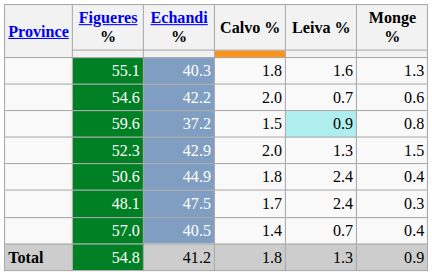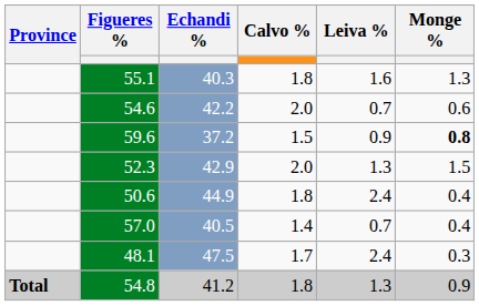 <table class="wikitable sortable" style="text-align:right; font-size:95%">
 <tr>
 <th rowspan=2><a href='#'>Province</a></th>
 <th width=60px><a href='#'>Figueres</a> %</th>
 <th width=60px><a href='#'>Echandi</a> %</th>
 <th width=60px>Calvo %</th>
 <th width=60px>Leiva %</th>
 <th width=60px>Monge %</th>
 </tr>
 <tr>
 <th style="background:"></th>
 <th style="background:"></th>
 <th style="background:#FF9317"></th>
 <th style="background:"></th>
 <th style="background:"></th>
 </tr>
 <tr>
 <td align="left"></td>
 <td style="background:#008024; color:white;">55.1</td>
 <td style="background:#809ec1; color:white;">40.3</td>
 <td>1.8</td>
 <td>1.6</td>
 <td>1.3</td>
 </tr>
 <tr>
 <td align="left"></td>
 <td style="background:#008024; color:white;">54.6</td>
 <td style="background:#809ec1; color:white;">42.2</td>
 <td>2.0</td>
 <td>0.7</td>
 <td>0.6</td>
 </tr>
 <tr>
 <td align="left"></td>
 <td style="background:#008024; color:white;">59.6</td>
 <td style="background:#809ec1; color:white;">37.2</td>
 <td>1.5</td>
-<td style="background: paleturquoise;">0.9</td>
-<td>0.8</td>
+<td>0.9</td>
+<td><strong>0.8</strong></td>
 </tr>
 <tr>
 <td align="left"></td>
 <td style="background:#008024; color:white;">52.3</td>
 <td style="background:#809ec1; color:white;">42.9</td>
 <td>2.0</td>
 <td>1.3</td>
 <td>1.5</td>
 </tr>
 <tr>
 <td align="left"></td>
 <td style="background:#008024; color:white;">50.6</td>
 <td style="background:#809ec1; color:white;">44.9</td>
 <td>1.8</td>
 <td>2.4</td>
 <td>0.4</td>
 </tr>
 <tr>
 <td align="left"></td>
+<td style="background:#008024; color:white;">57.0</td>
+<td style="background:#809ec1; color:white;">40.5</td>
+<td>1.4</td>
+<td>0.7</td>
+<td>0.4</td>
+</tr>
+<tr>
+<td align="left"></td>
 <td style="background:#008024; color:white;">48.1</td>
 <td style="background:#809ec1; color:white;">47.5</td>
 <td>1.7</td>
 <td>2.4</td>
 <td>0.3</td>
-</tr>
-<tr>
-<td align="left"></td>
-<td style="background:#008024; color:white;">57.0</td>
-<td style="background:#809ec1; color:white;">40.5</td>
-<td>1.4</td>
-<td>0.7</td>
-<td>0.4</td>
 </tr>
 <tr style="background:#CDCDCD;">
 <td align="left"><strong>Total</strong></td>
 <td style="background:#008024; color:white;">54.8</td>
 <td>41.2</td>
 <td>1.8</td>
 <td>1.3</td>
 <td>0.9</td>
 </tr>
 </table>
